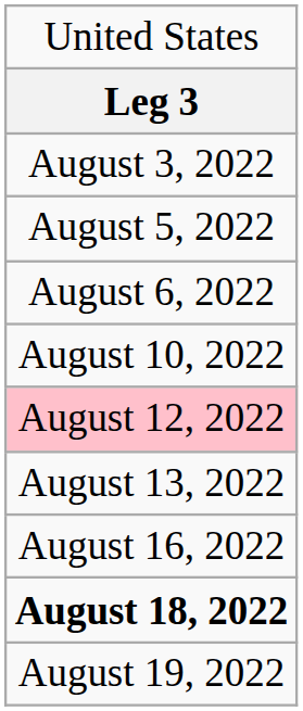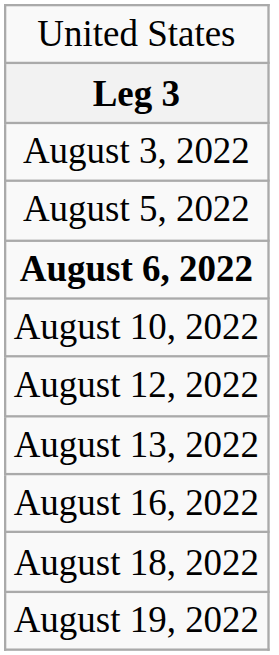 <table class="wikitable" style="text-align:center;">
 <tr>
 <td>United States</td>
 </tr>
 <tr>
 <th>Leg 3</th>
 </tr>
 <tr>
 <td>August 3, 2022</td>
 </tr>
 <tr>
 <td>August 5, 2022</td>
 </tr>
 <tr>
-<td>August 6, 2022</td>
+<td><strong>August 6, 2022</strong></td>
 </tr>
 <tr>
 <td>August 10, 2022</td>
 </tr>
 <tr>
-<td style="background: pink;">August 12, 2022</td>
+<td>August 12, 2022</td>
 </tr>
 <tr>
 <td>August 13, 2022</td>
 </tr>
 <tr>
 <td>August 16, 2022</td>
 </tr>
 <tr>
-<td><strong>August 18, 2022</strong></td>
+<td>August 18, 2022</td>
 </tr>
 <tr>
 <td>August 19, 2022</td>
 </tr>
 </table>
